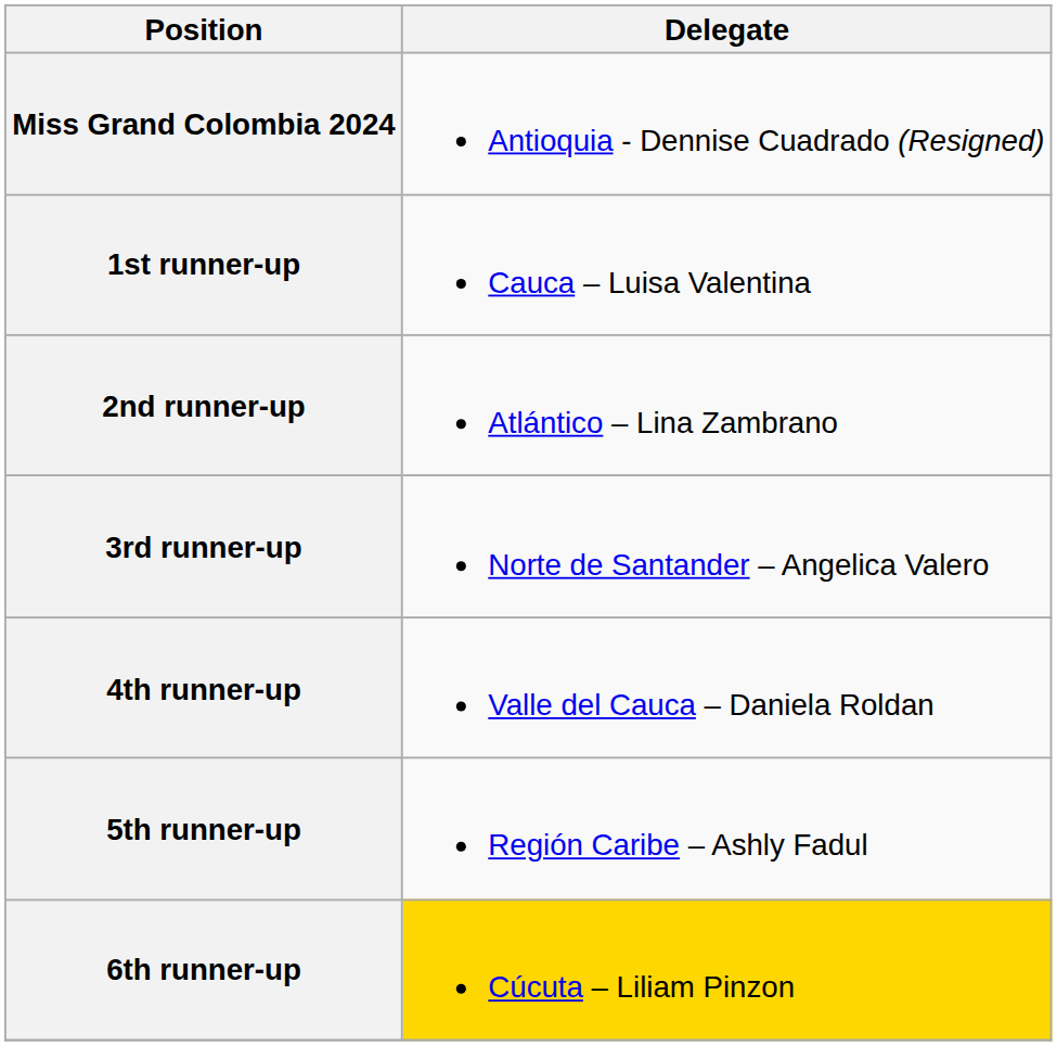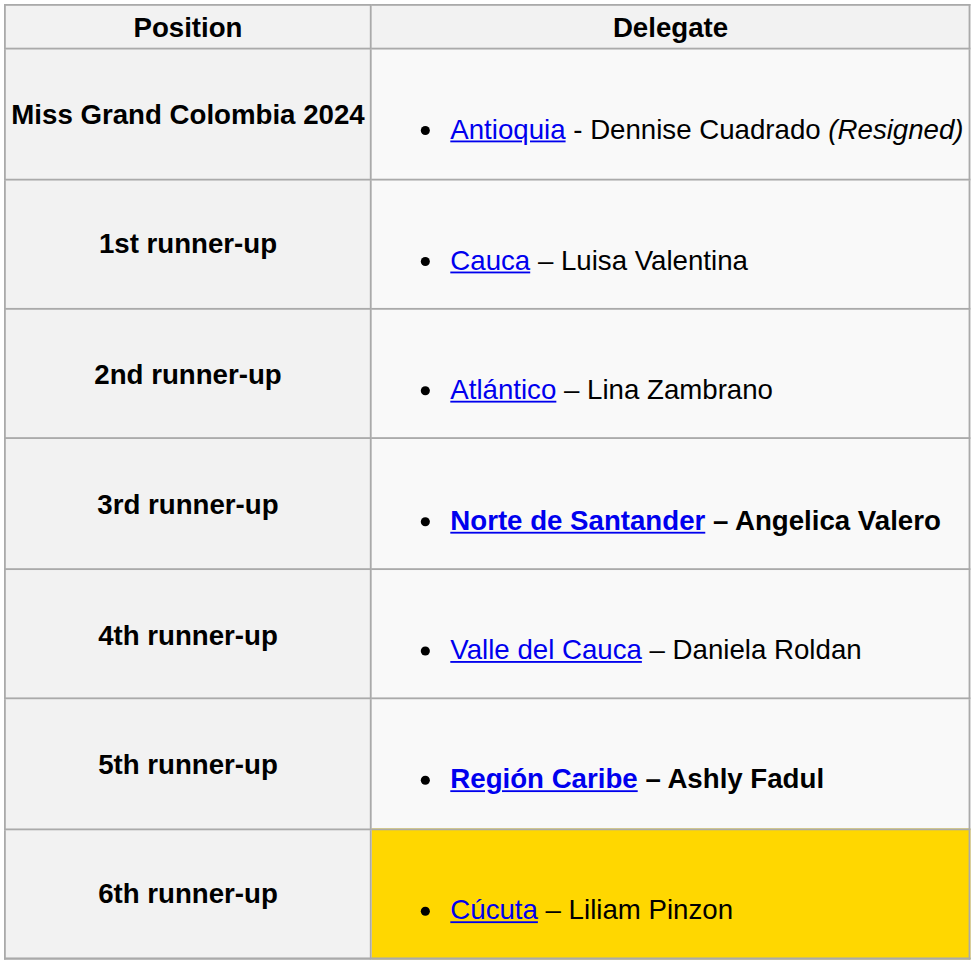 <table class="wikitable" style="font-size: 95%";>
 <tr>
 <th>Position</th>
 <th>Delegate</th>
 </tr>
 <tr>
 <th>Miss Grand Colombia 2024</th>
 <td><br><ul><li><a href='#'>Antioquia</a> - Dennise Cuadrado <em>(Resigned)</em></li></ul></td>
 </tr>
 <tr>
 <th>1st runner-up</th>
 <td><br><ul><li><a href='#'>Cauca</a> – Luisa Valentina</li></ul></td>
 </tr>
 <tr>
 <th>2nd runner-up</th>
 <td><br><ul><li><a href='#'>Atlántico</a> – Lina Zambrano</li></ul></td>
 </tr>
 <tr>
 <th>3rd runner-up</th>
-<td><br><ul><li><a href='#'>Norte de Santander</a> – Angelica Valero</li></ul></td>
+<td><strong><br><ul><li><a href='#'>Norte de Santander</a> – Angelica Valero</li></ul></strong></td>
 </tr>
 <tr>
 <th>4th runner-up</th>
 <td><br><ul><li><a href='#'>Valle del Cauca</a> – Daniela Roldan</li></ul></td>
 </tr>
 <tr>
 <th>5th runner-up</th>
-<td><br><ul><li><a href='#'>Región Caribe</a> – Ashly Fadul</li></ul></td>
+<td><strong><br><ul><li><a href='#'>Región Caribe</a> – Ashly Fadul</li></ul></strong></td>
 </tr>
 <tr>
 <th>6th runner-up</th>
 <td style="background: gold;"><br><ul><li><a href='#'>Cúcuta</a> – Liliam Pinzon</li></ul></td>
 </tr>
 <tr>
 </tr>
 </table>
